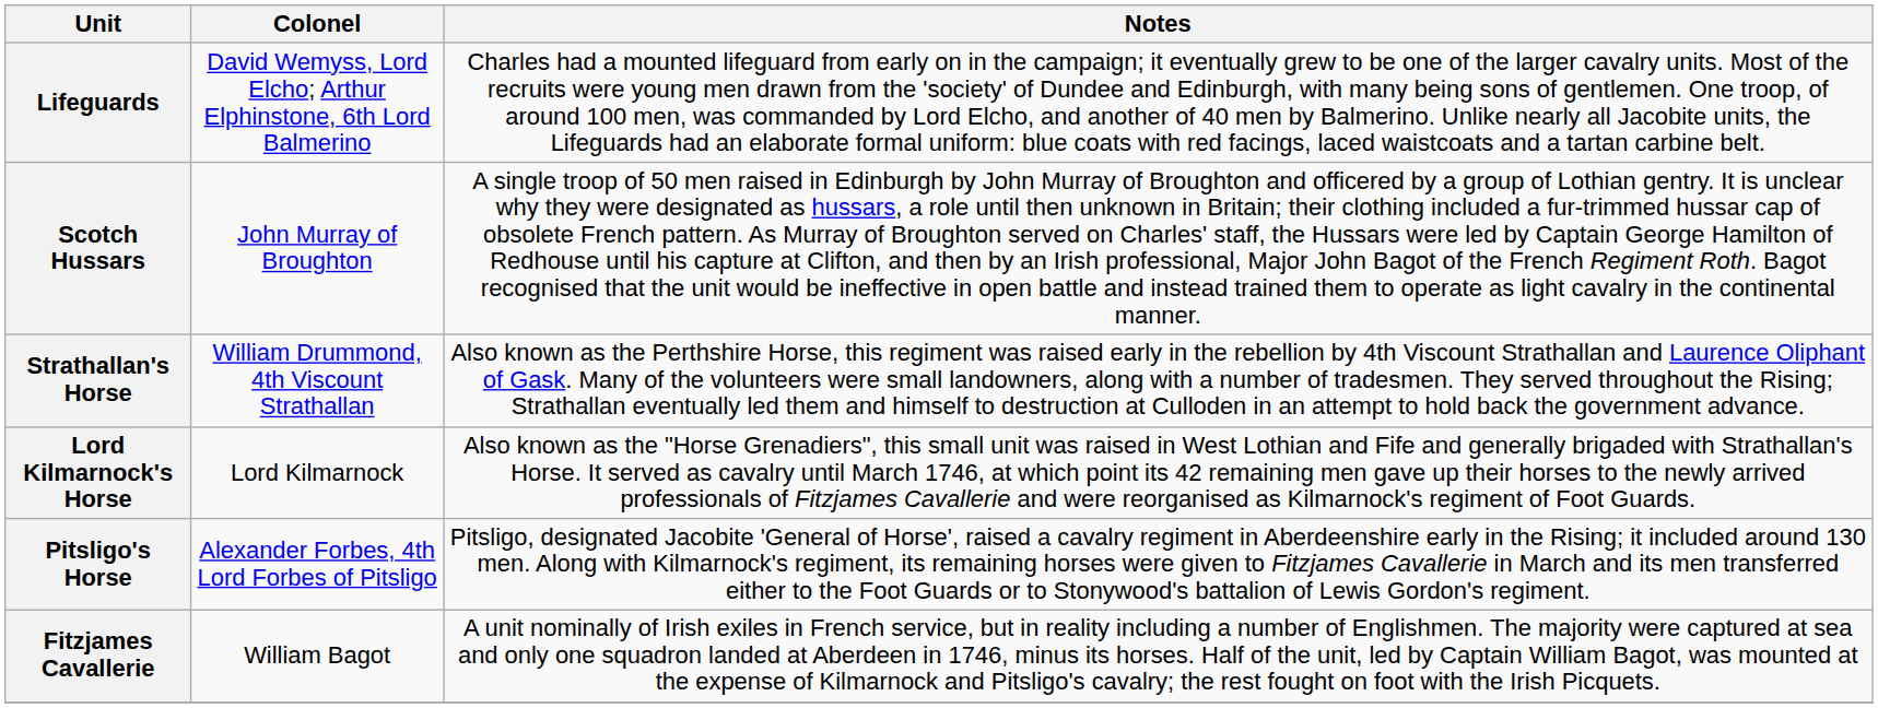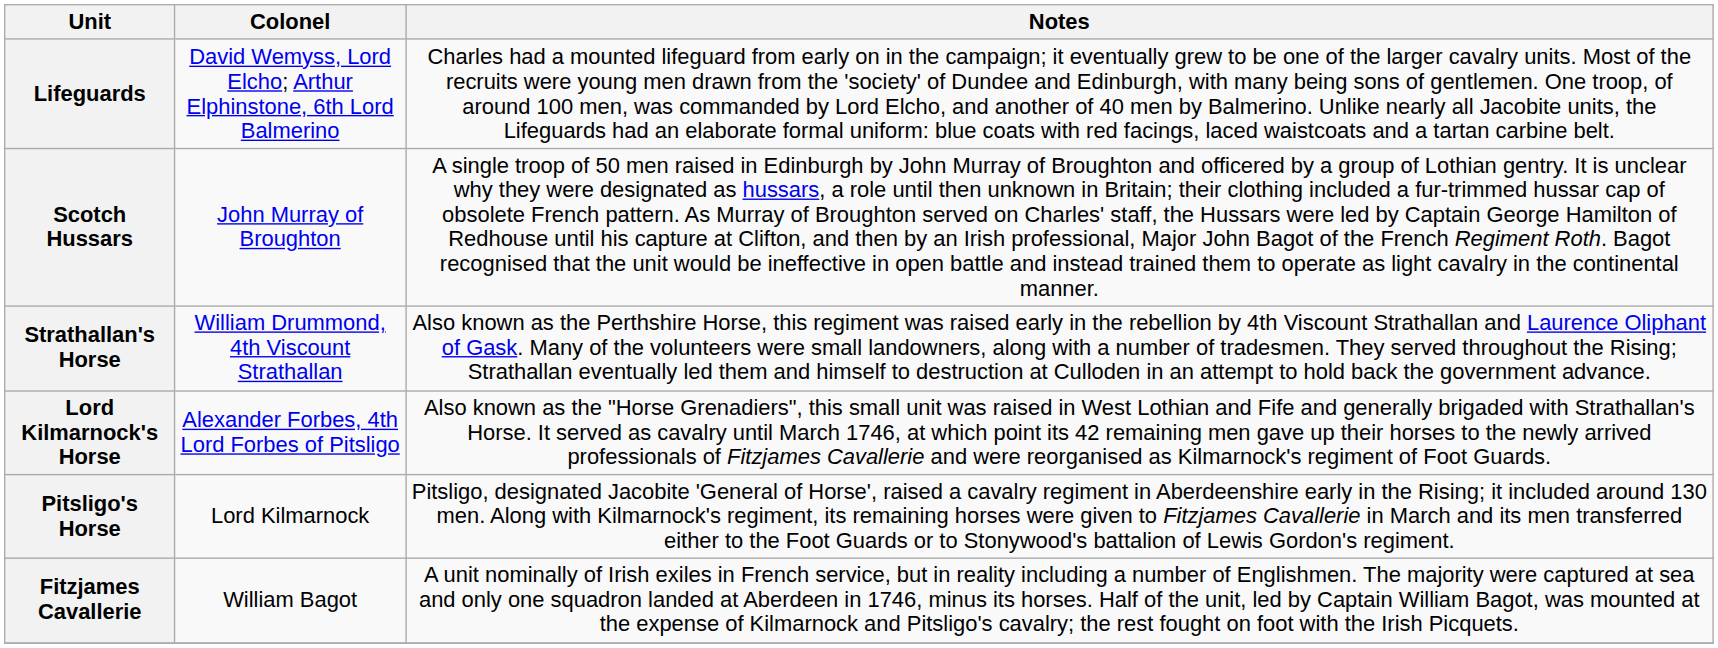 <table class="wikitable">
 <tr>
 <th>Unit</th>
 <th>Colonel</th>
 <th>Notes</th>
 </tr>
 <tr>
 <th colspan="1" bgcolor="#f9f9f9;"><strong>Lifeguards</strong></th>
 <td align="center"><a href='#'>David Wemyss, Lord Elcho</a>; <a href='#'>Arthur Elphinstone, 6th Lord Balmerino</a></td>
 <td align="center">Charles had a mounted lifeguard from early on in the campaign; it eventually grew to be one of the larger cavalry units. Most of the recruits were young men drawn from the 'society' of Dundee and Edinburgh, with many being sons of gentlemen. One troop, of around 100 men, was commanded by Lord Elcho, and another of 40 men by Balmerino. Unlike nearly all Jacobite units, the Lifeguards had an elaborate formal uniform: blue coats with red facings, laced waistcoats and a tartan carbine belt.</td>
 </tr>
 <tr>
 <th colspan="1" bgcolor="#f9f9f9;"><strong>Scotch Hussars</strong></th>
 <td align="center"><a href='#'>John Murray of Broughton</a></td>
 <td align="center">A single troop of 50 men raised in Edinburgh by John Murray of Broughton and officered by a group of Lothian gentry. It is unclear why they were designated as <a href='#'>hussars</a>, a role until then unknown in Britain; their clothing included a fur-trimmed hussar cap of obsolete French pattern. As Murray of Broughton served on Charles' staff, the Hussars were led by Captain George Hamilton of Redhouse until his capture at Clifton, and then by an Irish professional, Major John Bagot of the French <em>Regiment Roth</em>. Bagot recognised that the unit would be ineffective in open battle and instead trained them to operate as light cavalry in the continental manner.</td>
 </tr>
 <tr>
 <th colspan="1" bgcolor="#f9f9f9;"><strong>Strathallan's Horse</strong></th>
 <td align="center"><a href='#'>William Drummond, 4th Viscount Strathallan</a></td>
 <td align="center">Also known as the Perthshire Horse, this regiment was raised early in the rebellion by 4th Viscount Strathallan and <a href='#'>Laurence Oliphant of Gask</a>. Many of the volunteers were small landowners, along with a number of tradesmen. They served throughout the Rising; Strathallan eventually led them and himself to destruction at Culloden in an attempt to hold back the government advance.</td>
 </tr>
 <tr>
 <th colspan="1" bgcolor="#f9f9f9;"><strong>Lord Kilmarnock's Horse</strong></th>
-<td align="center">Lord Kilmarnock</td>
+<td align="center"><a href='#'>Alexander Forbes, 4th Lord Forbes of Pitsligo</a></td>
 <td align="center">Also known as the "Horse Grenadiers", this small unit was raised in West Lothian and Fife and generally brigaded with Strathallan's Horse. It served as cavalry until March 1746, at which point its 42 remaining men gave up their horses to the newly arrived professionals of <em>Fitzjames Cavallerie</em> and were reorganised as Kilmarnock's regiment of Foot Guards.</td>
 </tr>
 <tr>
 <th colspan="1" bgcolor="#f9f9f9;"><strong>Pitsligo's Horse</strong></th>
-<td align="center"><a href='#'>Alexander Forbes, 4th Lord Forbes of Pitsligo</a></td>
+<td align="center">Lord Kilmarnock</td>
 <td align="center">Pitsligo, designated Jacobite 'General of Horse', raised a cavalry regiment in Aberdeenshire early in the Rising; it included around 130 men. Along with Kilmarnock's regiment, its remaining horses were given to <em>Fitzjames Cavallerie</em> in March and its men transferred either to the Foot Guards or to Stonywood's battalion of Lewis Gordon's regiment.</td>
 </tr>
 <tr>
 <th colspan="1" bgcolor="#f9f9f9;"><strong>Fitzjames Cavallerie</strong></th>
 <td align="center">William Bagot</td>
 <td align="center">A unit nominally of Irish exiles in French service, but in reality including a number of Englishmen. The majority were captured at sea and only one squadron landed at Aberdeen in 1746, minus its horses. Half of the unit, led by Captain William Bagot, was mounted at the expense of Kilmarnock and Pitsligo's cavalry; the rest fought on foot with the Irish Picquets.</td>
 </tr>
 <tr>
 </tr>
 </table>
